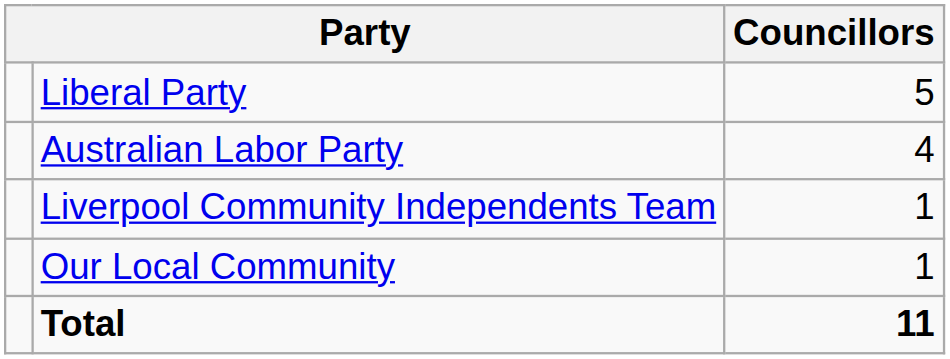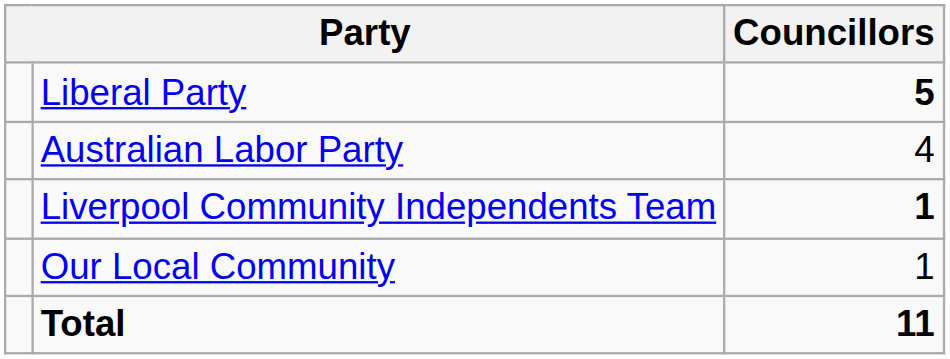 <table class="wikitable">
 <tr>
 <th colspan="2">Party</th>
 <th>Councillors</th>
 </tr>
 <tr>
 <td></td>
 <td><a href='#'>Liberal Party</a></td>
-<td align="right">5</td>
+<td align="right"><strong>5</strong></td>
 </tr>
 <tr>
 <td></td>
 <td><a href='#'>Australian Labor Party</a></td>
 <td align="right">4</td>
 </tr>
 <tr>
 <td></td>
 <td><a href='#'>Liverpool Community Independents Team</a></td>
-<td align=right>1</td>
+<td align=right><strong>1</strong></td>
 </tr>
 <tr>
 <td> </td>
 <td><a href='#'>Our Local Community</a></td>
 <td align=right>1</td>
 </tr>
 <tr>
 <td></td>
 <td><strong>Total</strong></td>
 <td align=right><strong>11</strong></td>
 </tr>
 </table>
